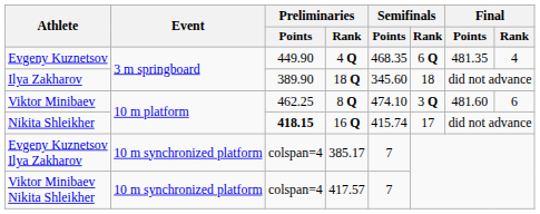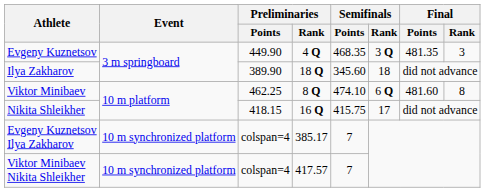 <table class=wikitable style="font-size:90%">
 <tr>
 <th rowspan="2">Athlete</th>
 <th rowspan="2">Event</th>
 <th colspan="2">Preliminaries</th>
 <th colspan="2">Semifinals</th>
 <th colspan="2">Final</th>
 </tr>
 <tr style="font-size:95%">
 <th>Points</th>
 <th>Rank</th>
 <th>Points</th>
 <th>Rank</th>
 <th>Points</th>
 <th>Rank</th>
 </tr>
 <tr align=center>
 <td align=left><a href='#'>Evgeny Kuznetsov</a></td>
 <td align=left rowspan=2><a href='#'>3 m springboard</a></td>
 <td>449.90</td>
 <td>4 <strong>Q</strong></td>
 <td>468.35</td>
-<td>6 <strong>Q</strong></td>
+<td>3 <strong>Q</strong></td>
 <td>481.35</td>
-<td>4</td>
+<td>3</td>
 </tr>
 <tr align=center>
 <td align=left><a href='#'>Ilya Zakharov</a></td>
 <td>389.90</td>
 <td>18 <strong>Q</strong></td>
 <td>345.60</td>
 <td>18</td>
 <td colspan=2>did not advance</td>
 </tr>
 <tr align=center>
 <td align=left><a href='#'>Viktor Minibaev</a></td>
 <td align=left rowspan=2><a href='#'>10 m platform</a></td>
 <td>462.25</td>
 <td>8 <strong>Q</strong></td>
 <td>474.10</td>
-<td>3 <strong>Q</strong></td>
+<td>6 <strong>Q</strong></td>
 <td>481.60</td>
-<td>6</td>
+<td>8</td>
 </tr>
 <tr align=center>
 <td align=left><a href='#'>Nikita Shleikher</a></td>
-<td><strong>418.15</strong></td>
+<td>418.15</td>
 <td>16 <strong>Q</strong></td>
-<td>415.74</td>
+<td>415.75</td>
 <td>17</td>
 <td colspan=2>did not advance</td>
 </tr>
 <tr align=center>
 <td align=left><a href='#'>Evgeny Kuznetsov</a><br><a href='#'>Ilya Zakharov</a></td>
 <td align=left><a href='#'>10 m synchronized platform</a></td>
 <td>colspan=4 </td>
 <td>385.17</td>
 <td>7</td>
 </tr>
 <tr align=center>
 <td align=left><a href='#'>Viktor Minibaev</a><br><a href='#'>Nikita Shleikher</a></td>
 <td align=left><a href='#'>10 m synchronized platform</a></td>
 <td>colspan=4 </td>
 <td>417.57</td>
 <td>7</td>
 </tr>
 </table>
